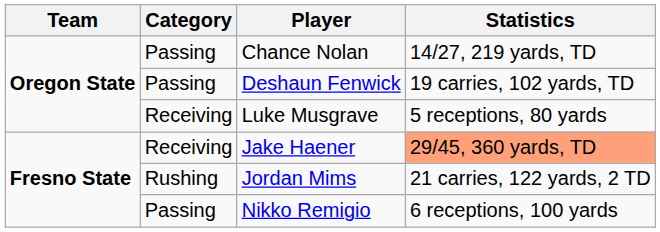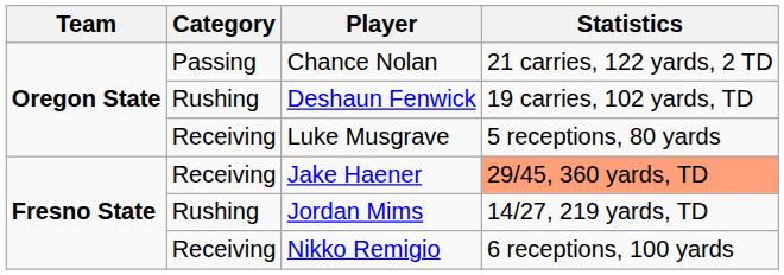 <table class="wikitable" style="float: right;">
 <tr>
 <th>Team</th>
 <th>Category</th>
 <th>Player</th>
 <th>Statistics</th>
 </tr>
 <tr>
 <td rowspan=3><strong>Oregon State</strong></td>
 <td>Passing</td>
 <td>Chance Nolan</td>
-<td>14/27, 219 yards, TD</td>
+<td>21 carries, 122 yards, 2 TD</td>
 </tr>
 <tr>
-<td>Passing</td>
+<td>Rushing</td>
 <td><a href='#'>Deshaun Fenwick</a></td>
 <td>19 carries, 102 yards, TD</td>
 </tr>
 <tr>
 <td>Receiving</td>
 <td>Luke Musgrave</td>
 <td>5 receptions, 80 yards</td>
 </tr>
 <tr>
 <td rowspan=3><strong>Fresno State</strong></td>
 <td>Receiving</td>
 <td><a href='#'>Jake Haener</a></td>
 <td style="background: lightsalmon;">29/45, 360 yards, TD</td>
 </tr>
 <tr>
 <td>Rushing</td>
 <td><a href='#'>Jordan Mims</a></td>
-<td>21 carries, 122 yards, 2 TD</td>
+<td>14/27, 219 yards, TD</td>
 </tr>
 <tr>
-<td>Passing</td>
+<td>Receiving</td>
 <td><a href='#'>Nikko Remigio</a></td>
 <td>6 receptions, 100 yards</td>
 </tr>
 </table>
